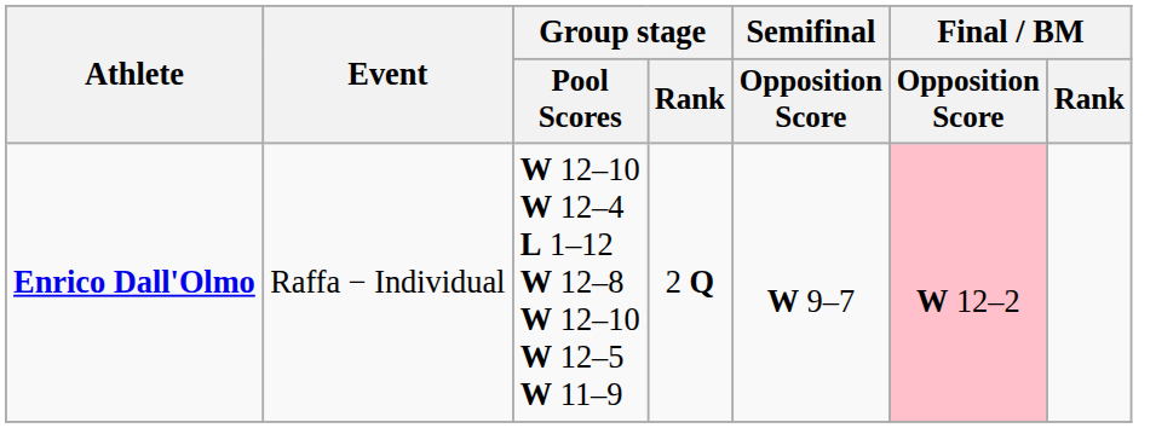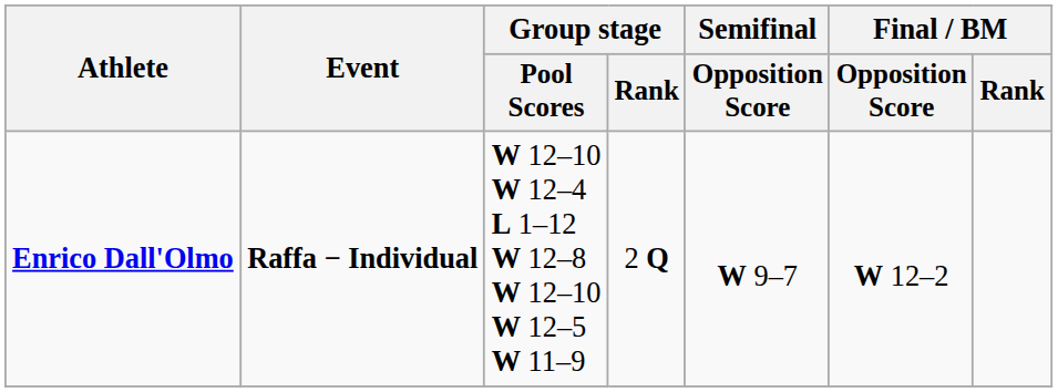 <table class=wikitable style="font-size:90%">
 <tr>
 <th rowspan=2>Athlete</th>
 <th rowspan=2>Event</th>
 <th colspan=2>Group stage</th>
 <th>Semifinal</th>
 <th colspan=2>Final / BM</th>
 </tr>
 <tr style="font-size:95%">
 <th>Pool<br>Scores</th>
 <th>Rank</th>
 <th>Opposition<br>Score</th>
 <th>Opposition<br>Score</th>
 <th>Rank</th>
 </tr>
 <tr align=center>
 <td align=left><strong><a href='#'>Enrico Dall'Olmo</a></strong></td>
-<td align="left">Raffa − Individual</td>
+<td align="left"><strong>Raffa − Individual</strong></td>
 <td align="left"> <strong>W</strong> 12–10<br> <strong>W</strong> 12–4<br> <strong>L</strong> 1–12<br> <strong>W</strong> 12–8<br> <strong>W</strong> 12–10<br> <strong>W</strong> 12–5<br> <strong>W</strong> 11–9</td>
 <td>2 <strong>Q</strong></td>
 <td><br> <strong>W</strong> 9–7</td>
-<td style="background: pink;"><br> <strong>W</strong> 12–2</td>
+<td><br> <strong>W</strong> 12–2</td>
 <td></td>
 </tr>
 </table>
